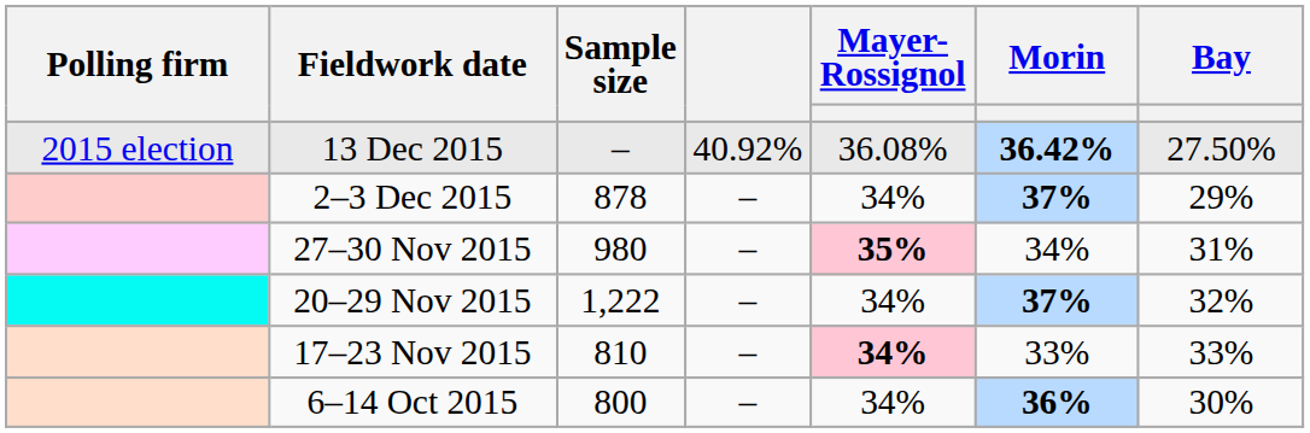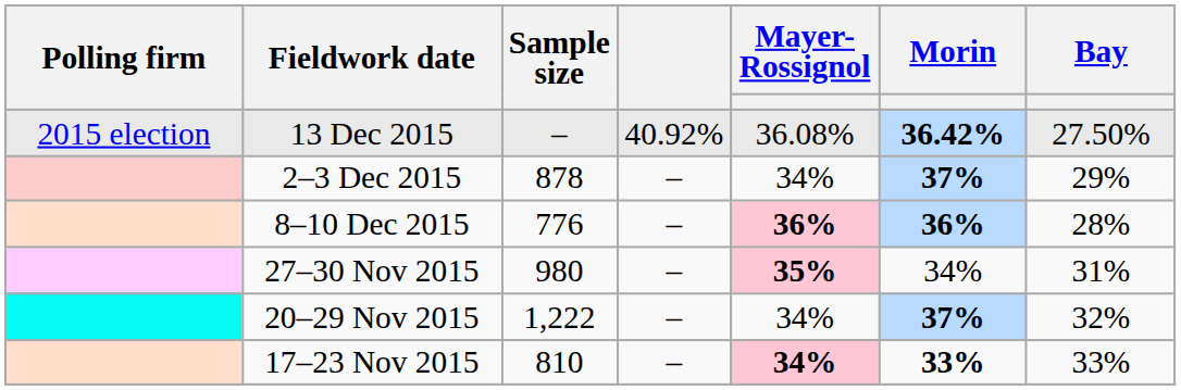 <table class="wikitable sortable" style="text-align:center;font-size:90%;line-height:14px;">
 <tr style="height:40px;">
 <th style="width:100px;" rowspan="2">Polling firm</th>
 <th style="width:110px;" rowspan="2">Fieldwork date</th>
 <th style="width:35px;" rowspan="2">Sample<br>size</th>
 <th style="width:30px;" rowspan="2"></th>
 <th class="unsortable" style="width:60px;"><a href='#'>Mayer-Rossignol</a><br></th>
 <th class="unsortable" style="width:60px;"><a href='#'>Morin</a><br></th>
 <th class="unsortable" style="width:60px;"><a href='#'>Bay</a><br></th>
 </tr>
 <tr>
 <th style="background:"></th>
 <th style="background:"></th>
 <th style="background:"></th>
 </tr>
 <tr style="background:#E9E9E9;">
 <td><a href='#'>2015 election</a></td>
 <td data-sort-value="2015-12-13">13 Dec 2015</td>
 <td>–</td>
 <td>40.92%</td>
 <td>36.08%</td>
 <td style="background:#B9DAFF;"><strong>36.42%</strong></td>
 <td>27.50%</td>
 </tr>
 <tr>
 <td style="background:#FFCCCC;"></td>
 <td data-sort-value="2015-12-03">2–3 Dec 2015</td>
 <td>878</td>
 <td>–</td>
 <td>34%</td>
 <td style="background:#B9DAFF;"><strong>37%</strong></td>
 <td>29%</td>
 </tr>
 <tr>
+<td style="background:#FFDFCC;"></td>
+<td data-sort-value="2015-12-10">8–10 Dec 2015</td>
+<td>776</td>
+<td>–</td>
+<td style="background:#FFC6D5;"><strong>36%</strong></td>
+<td style="background:#B9DAFF;"><strong>36%</strong></td>
+<td>28%</td>
+</tr>
+<tr>
 <td style="background:#FFCCFF;"></td>
 <td data-sort-value="2015-11-30">27–30 Nov 2015</td>
 <td>980</td>
 <td>–</td>
 <td style="background:#FFC6D5;"><strong>35%</strong></td>
 <td>34%</td>
 <td>31%</td>
 </tr>
 <tr>
 <td style="background:#04FBF4;"></td>
 <td data-sort-value="2015-11-29">20–29 Nov 2015</td>
 <td>1,222</td>
 <td>–</td>
 <td>34%</td>
 <td style="background:#B9DAFF;"><strong>37%</strong></td>
 <td>32%</td>
 </tr>
 <tr>
 <td style="background:#FFDFCC;"></td>
 <td data-sort-value="2015-11-23">17–23 Nov 2015</td>
 <td>810</td>
 <td>–</td>
 <td style="background:#FFC6D5;"><strong>34%</strong></td>
-<td>33%</td>
+<td><strong>33%</strong></td>
 <td>33%</td>
 </tr>
-<tr>
-<td style="background:#FFDFCC;"></td>
-<td data-sort-value="2015-10-14">6–14 Oct 2015</td>
-<td>800</td>
-<td>–</td>
-<td>34%</td>
-<td style="background:#B9DAFF;"><strong>36%</strong></td>
-<td>30%</td>
-</tr>
 </table>
